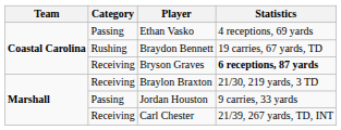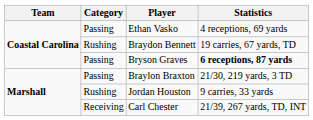 <table class="wikitable" style="float: right;">
 <tr>
 <th>Team</th>
 <th>Category</th>
 <th>Player</th>
 <th>Statistics</th>
 </tr>
 <tr>
 <td rowspan=3><strong>Coastal Carolina</strong></td>
 <td>Passing</td>
 <td>Ethan Vasko</td>
 <td>4 receptions, 69 yards</td>
 </tr>
 <tr>
 <td>Rushing</td>
 <td>Braydon Bennett</td>
 <td>19 carries, 67 yards, TD</td>
 </tr>
 <tr>
-<td>Receiving</td>
+<td>Passing</td>
 <td>Bryson Graves</td>
 <td><strong>6 receptions, 87 yards</strong></td>
 </tr>
 <tr>
 <td rowspan=3><strong>Marshall</strong></td>
-<td>Receiving</td>
+<td>Passing</td>
 <td>Braylon Braxton</td>
 <td>21/30, 219 yards, 3 TD</td>
 </tr>
 <tr>
-<td>Passing</td>
+<td>Rushing</td>
 <td>Jordan Houston</td>
 <td>9 carries, 33 yards</td>
 </tr>
 <tr>
 <td>Receiving</td>
 <td>Carl Chester</td>
 <td>21/39, 267 yards, TD, INT</td>
 </tr>
 </table>
